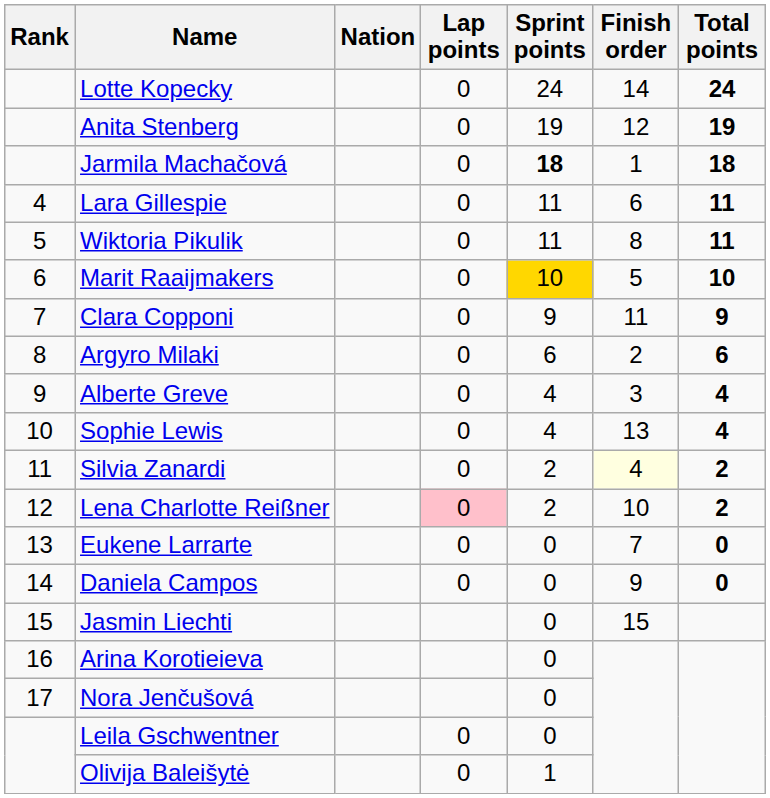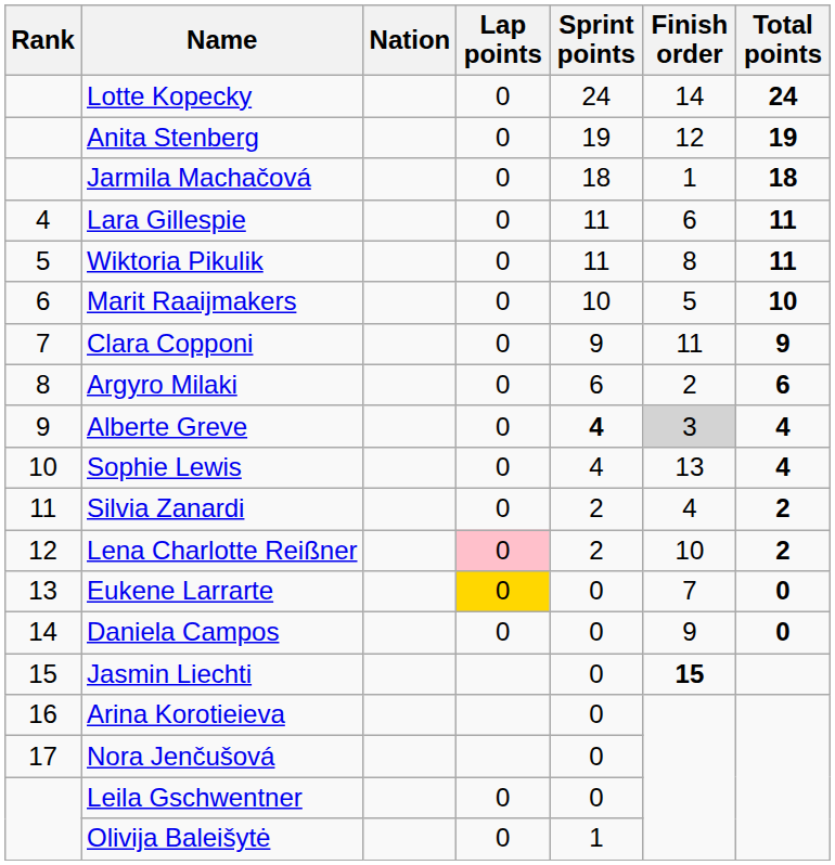 <table class="wikitable sortable" style="text-align:center">
 <tr>
 <th>Rank</th>
 <th>Name</th>
 <th>Nation</th>
 <th width=50>Lap points</th>
 <th width=50>Sprint points</th>
 <th width=50>Finish order</th>
 <th width=50>Total points</th>
 </tr>
 <tr>
 <td></td>
 <td align=left><a href='#'>Lotte Kopecky</a></td>
 <td align=left></td>
 <td>0</td>
 <td>24</td>
 <td>14</td>
 <td><strong>24</strong></td>
 </tr>
 <tr>
 <td></td>
 <td align=left><a href='#'>Anita Stenberg</a></td>
 <td align=left></td>
 <td>0</td>
 <td>19</td>
 <td>12</td>
 <td><strong>19</strong></td>
 </tr>
 <tr>
 <td></td>
 <td align=left><a href='#'>Jarmila Machačová</a></td>
 <td align=left></td>
 <td>0</td>
-<td><strong>18</strong></td>
+<td>18</td>
 <td>1</td>
 <td><strong>18</strong></td>
 </tr>
 <tr>
 <td>4</td>
 <td align=left><a href='#'>Lara Gillespie</a></td>
 <td align=left></td>
 <td>0</td>
 <td>11</td>
 <td>6</td>
 <td><strong>11</strong></td>
 </tr>
 <tr>
 <td>5</td>
 <td align=left><a href='#'>Wiktoria Pikulik</a></td>
 <td align=left></td>
 <td>0</td>
 <td>11</td>
 <td>8</td>
 <td><strong>11</strong></td>
 </tr>
 <tr>
 <td>6</td>
 <td align=left><a href='#'>Marit Raaijmakers</a></td>
 <td align=left></td>
 <td>0</td>
-<td style="background: gold;">10</td>
+<td>10</td>
 <td>5</td>
 <td><strong>10</strong></td>
 </tr>
 <tr>
 <td>7</td>
 <td align=left><a href='#'>Clara Copponi</a></td>
 <td align=left></td>
 <td>0</td>
 <td>9</td>
 <td>11</td>
 <td><strong>9</strong></td>
 </tr>
 <tr>
 <td>8</td>
 <td align=left><a href='#'>Argyro Milaki</a></td>
 <td align=left></td>
 <td>0</td>
 <td>6</td>
 <td>2</td>
 <td><strong>6</strong></td>
 </tr>
 <tr>
 <td>9</td>
 <td align=left><a href='#'>Alberte Greve</a></td>
 <td align=left></td>
 <td>0</td>
-<td>4</td>
-<td>3</td>
+<td><strong>4</strong></td>
+<td style="background: lightgrey;">3</td>
 <td><strong>4</strong></td>
 </tr>
 <tr>
 <td>10</td>
 <td align=left><a href='#'>Sophie Lewis</a></td>
 <td align=left></td>
 <td>0</td>
 <td>4</td>
 <td>13</td>
 <td><strong>4</strong></td>
 </tr>
 <tr>
 <td>11</td>
 <td align=left><a href='#'>Silvia Zanardi</a></td>
 <td align=left></td>
 <td>0</td>
 <td>2</td>
-<td style="background: lightyellow;">4</td>
+<td>4</td>
 <td><strong>2</strong></td>
 </tr>
 <tr>
 <td>12</td>
 <td align=left><a href='#'>Lena Charlotte Reißner</a></td>
 <td align=left></td>
 <td style="background: pink;">0</td>
 <td>2</td>
 <td>10</td>
 <td><strong>2</strong></td>
 </tr>
 <tr>
 <td>13</td>
 <td align=left><a href='#'>Eukene Larrarte</a></td>
 <td align=left></td>
-<td>0</td>
+<td style="background: gold;">0</td>
 <td>0</td>
 <td>7</td>
 <td><strong>0</strong></td>
 </tr>
 <tr>
 <td>14</td>
 <td align=left><a href='#'>Daniela Campos</a></td>
 <td align=left></td>
 <td>0</td>
 <td>0</td>
 <td>9</td>
 <td><strong>0</strong></td>
 </tr>
 <tr>
 <td>15</td>
 <td align=left><a href='#'>Jasmin Liechti</a></td>
 <td align=left></td>
 <td></td>
 <td>0</td>
-<td>15</td>
+<td><strong>15</strong></td>
 <td><strong></strong></td>
 </tr>
 <tr>
 <td>16</td>
 <td align=left><a href='#'>Arina Korotieieva</a></td>
 <td align=left></td>
 <td></td>
 <td>0</td>
 <td rowspan=4></td>
 <td rowspan=4></td>
 </tr>
 <tr>
 <td>17</td>
 <td align=left><a href='#'>Nora Jenčušová</a></td>
 <td align=left></td>
 <td></td>
 <td>0</td>
 </tr>
 <tr>
 <td rowspan=2></td>
 <td align=left><a href='#'>Leila Gschwentner</a></td>
 <td align=left></td>
 <td>0</td>
 <td>0</td>
 </tr>
 <tr>
 <td align=left><a href='#'>Olivija Baleišytė</a></td>
 <td align=left></td>
 <td>0</td>
 <td>1</td>
 </tr>
 </table>
